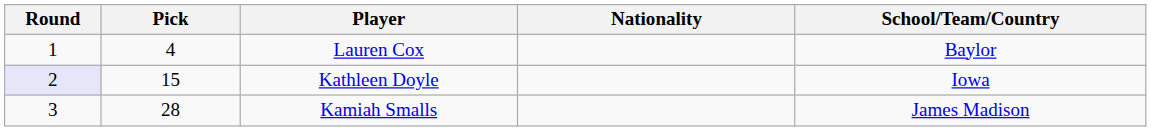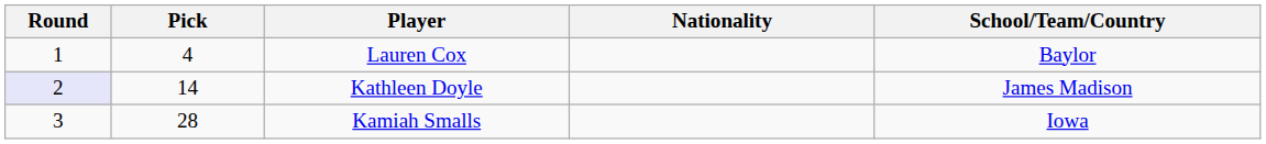 <table class="wikitable" style="text-align:center; width:60em">
 <tr>
 <th width="2%">Round</th>
 <th width="5%">Pick</th>
 <th width="10%">Player</th>
 <th width="10%">Nationality</th>
 <th width="10%">School/Team/Country</th>
 </tr>
 <tr>
 <td>1</td>
 <td>4</td>
 <td><a href='#'>Lauren Cox</a></td>
 <td></td>
 <td><a href='#'>Baylor</a></td>
 </tr>
 <tr>
 <td style="background: lavender;">2</td>
-<td>15</td>
+<td>14</td>
 <td><a href='#'>Kathleen Doyle</a></td>
 <td></td>
-<td><a href='#'>Iowa</a></td>
+<td><a href='#'>James Madison</a></td>
 </tr>
 <tr>
 <td>3</td>
 <td>28</td>
 <td><a href='#'>Kamiah Smalls</a></td>
 <td></td>
-<td><a href='#'>James Madison</a></td>
+<td><a href='#'>Iowa</a></td>
 </tr>
 </table>
